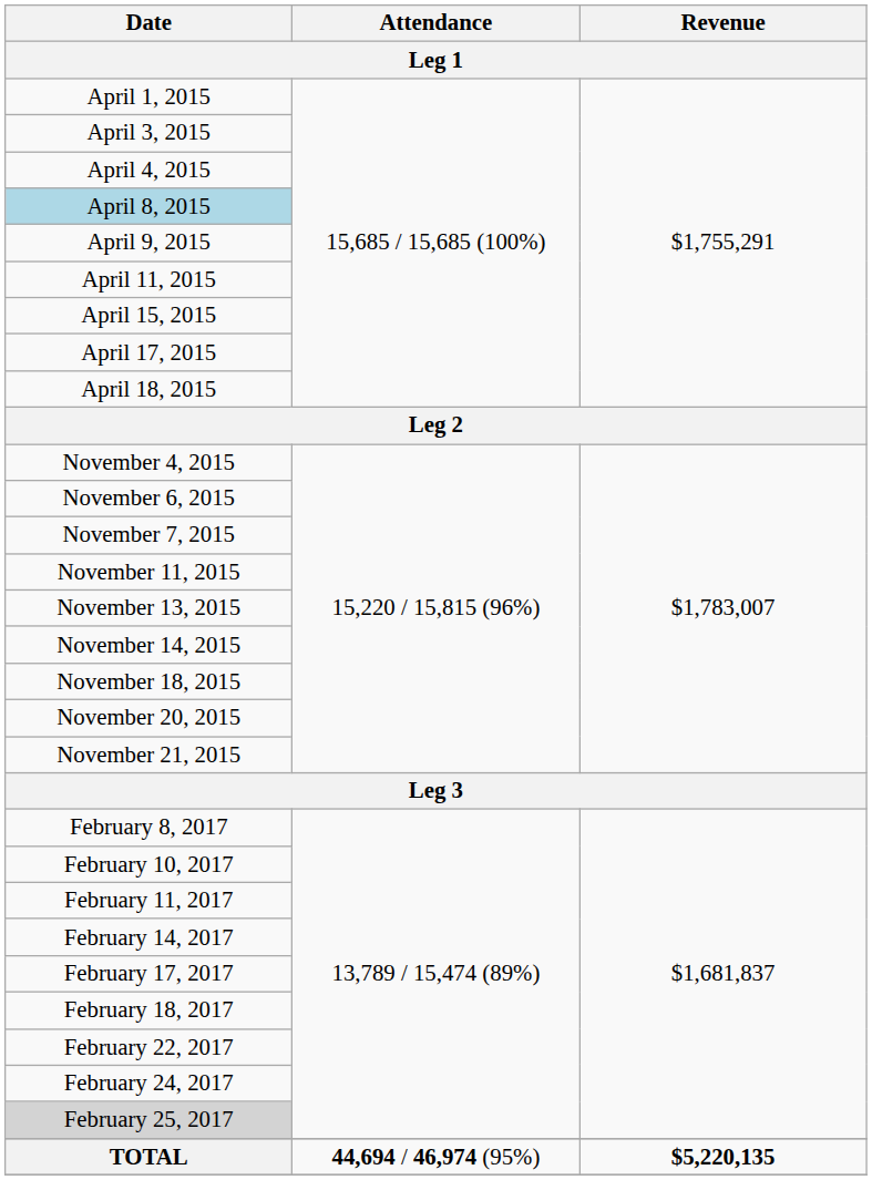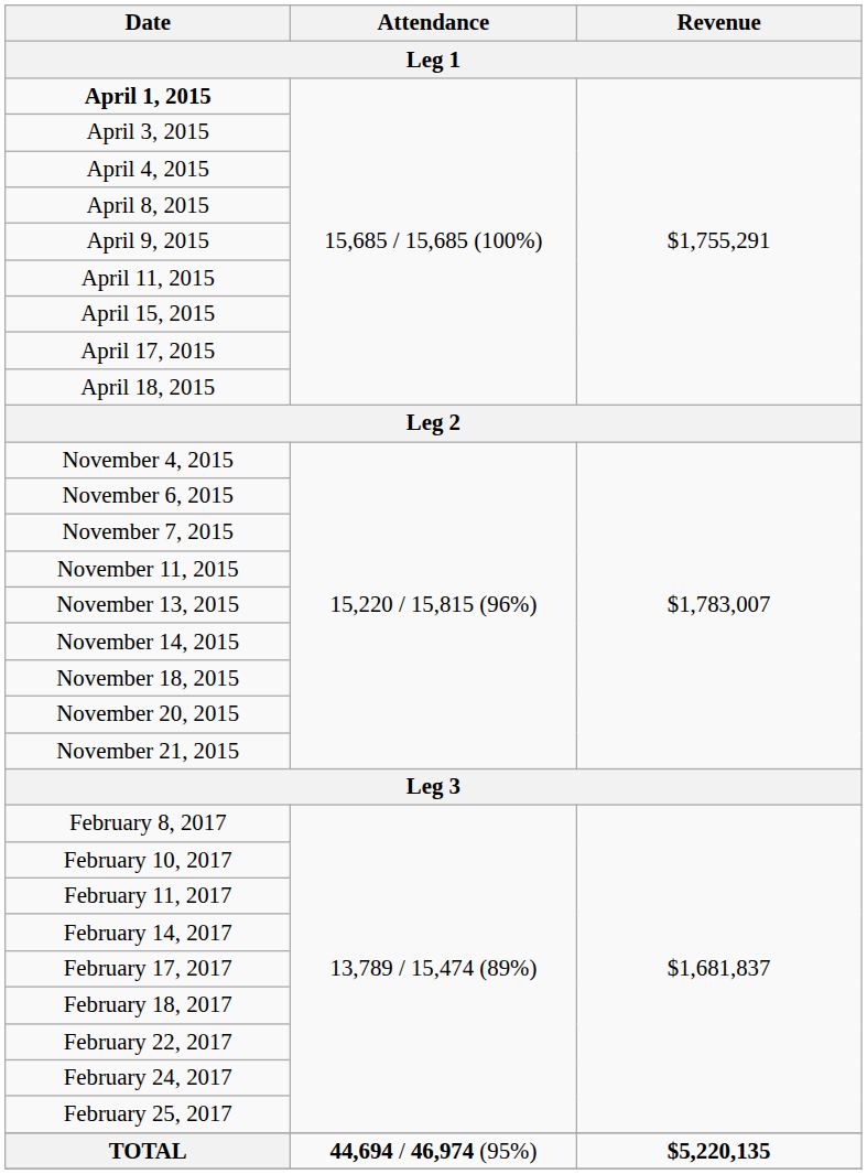 <table class="wikitable" style="text-align:center;">
 <tr>
 <th scope="col" style="width:12em;">Date</th>
 <th scope="col" style="width:12em;">Attendance</th>
 <th scope="col" style="width:12em;">Revenue</th>
 </tr>
 <tr>
 <th colspan="3">Leg 1</th>
 </tr>
 <tr>
-<td>April 1, 2015</td>
+<td><strong>April 1, 2015</strong></td>
 <td rowspan="9">15,685 / 15,685 (100%)</td>
 <td rowspan="9">$1,755,291</td>
 </tr>
 <tr>
 <td>April 3, 2015</td>
 </tr>
 <tr>
 <td>April 4, 2015</td>
 </tr>
 <tr>
-<td style="background: lightblue;">April 8, 2015</td>
+<td>April 8, 2015</td>
 </tr>
 <tr>
 <td>April 9, 2015</td>
 </tr>
 <tr>
 <td>April 11, 2015</td>
 </tr>
 <tr>
 <td>April 15, 2015</td>
 </tr>
 <tr>
 <td>April 17, 2015</td>
 </tr>
 <tr>
 <td>April 18, 2015</td>
 </tr>
 <tr>
 <th colspan="3">Leg 2</th>
 </tr>
 <tr>
 <td>November 4, 2015</td>
 <td rowspan="9">15,220 / 15,815 (96%)</td>
 <td rowspan="9">$1,783,007</td>
 </tr>
 <tr>
 <td>November 6, 2015</td>
 </tr>
 <tr>
 <td>November 7, 2015</td>
 </tr>
 <tr>
 <td>November 11, 2015</td>
 </tr>
 <tr>
 <td>November 13, 2015</td>
 </tr>
 <tr>
 <td>November 14, 2015</td>
 </tr>
 <tr>
 <td>November 18, 2015</td>
 </tr>
 <tr>
 <td>November 20, 2015</td>
 </tr>
 <tr>
 <td>November 21, 2015</td>
 </tr>
 <tr>
 <th colspan="3">Leg 3</th>
 </tr>
 <tr>
 <td>February 8, 2017</td>
 <td rowspan="9">13,789 / 15,474 (89%)</td>
 <td rowspan="9">$1,681,837</td>
 </tr>
 <tr>
 <td>February 10, 2017</td>
 </tr>
 <tr>
 <td>February 11, 2017</td>
 </tr>
 <tr>
 <td>February 14, 2017</td>
 </tr>
 <tr>
 <td>February 17, 2017</td>
 </tr>
 <tr>
 <td>February 18, 2017</td>
 </tr>
 <tr>
 <td>February 22, 2017</td>
 </tr>
 <tr>
 <td>February 24, 2017</td>
 </tr>
 <tr>
-<td style="background: lightgrey;">February 25, 2017</td>
+<td>February 25, 2017</td>
 </tr>
 <tr>
 </tr>
 <tr class="sortbottom">
 <th><strong>TOTAL</strong></th>
 <td><strong>44,694</strong> / <strong>46,974</strong> (95%)</td>
 <td><strong>$5,220,135</strong></td>
 </tr>
 <tr>
 </tr>
 </table>
